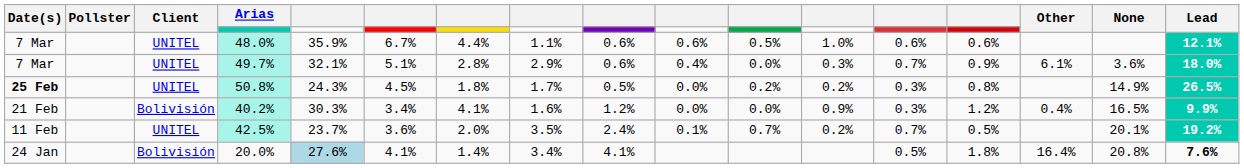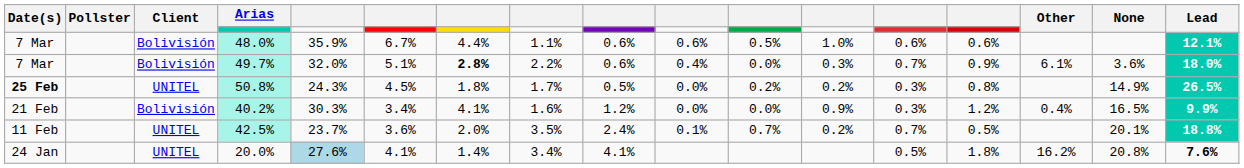 <table class="wikitable" style="font-size: 90%; text-align:center;">
 <tr>
 <th rowspan=2>Date(s)</th>
 <th rowspan=2>Pollster</th>
 <th rowspan=2>Client</th>
 <th style="width:60px"><a href='#'>Arias</a></th>
 <th style="width:60px"></th>
 <th style="width:60px"></th>
 <th style="width:60px"></th>
 <th style="width:60px"></th>
 <th style="width:60px"></th>
 <th style="width:60px"></th>
 <th style="width:60px"></th>
 <th style="width:60px"></th>
 <th style="width:60px"></th>
 <th style="width:60px"></th>
 <th style="width:60px" rowspan=2>Other</th>
 <th style="width:60px" rowspan=2>None</th>
 <th style="width:60px" rowspan=2>Lead</th>
 </tr>
 <tr>
 <td style="background:#00C9B0;"></td>
 <td style="background:"></td>
 <td style="background:#FD0002;"></td>
 <td style="background:#FCDD09;"></td>
 <td style="background-color:"></td>
 <td style="background:#7102B9;"></td>
 <td style="background:"></td>
 <td style="background:#00AA49;"></td>
 <td style="background:"></td>
 <td style="background:#E02D33;"></td>
 <td style="background:#D70109;"></td>
 </tr>
 <tr>
 <td>7 Mar</td>
 <td></td>
-<td><a href='#'>UNITEL</a></td>
+<td><a href='#'>Bolivisión</a></td>
 <td style="background:#A6F5E8;">48.0%</td>
 <td>35.9%</td>
 <td>6.7%</td>
 <td>4.4%</td>
 <td>1.1%</td>
 <td>0.6%</td>
 <td>0.6%</td>
 <td>0.5%</td>
 <td>1.0%</td>
 <td>0.6%</td>
 <td>0.6%</td>
 <td></td>
 <td></td>
 <td style="background:#00C9B0; color:#FFFFFF;" data-sort-value="-12.1%"><strong>12.1%</strong></td>
 </tr>
 <tr>
 <td>7 Mar</td>
 <td></td>
-<td><a href='#'>UNITEL</a></td>
+<td><a href='#'>Bolivisión</a></td>
 <td style="background:#A6F5E8;">49.7%</td>
-<td>32.1%</td>
+<td>32.0%</td>
 <td>5.1%</td>
-<td>2.8%</td>
-<td>2.9%</td>
+<td><strong>2.8%</strong></td>
+<td>2.2%</td>
 <td>0.6%</td>
 <td>0.4%</td>
 <td>0.0%</td>
 <td>0.3%</td>
 <td>0.7%</td>
 <td>0.9%</td>
 <td>6.1%</td>
 <td>3.6%</td>
 <td style="background:#00C9B0; color:#FFFFFF;" data-sort-value="-17.7%"><strong>18.0%</strong></td>
 </tr>
 <tr>
 <td><strong>25 Feb</strong></td>
 <td></td>
 <td><a href='#'>UNITEL</a></td>
 <td style="background:#A6F5E8;">50.8%</td>
 <td>24.3%</td>
 <td>4.5%</td>
 <td>1.8%</td>
 <td>1.7%</td>
 <td>0.5%</td>
 <td>0.0%</td>
 <td>0.2%</td>
 <td>0.2%</td>
 <td>0.3%</td>
 <td>0.8%</td>
 <td></td>
 <td>14.9%</td>
 <td style="background:#00C9B0; color:#FFFFFF;" data-sort-value="-26.5%"><strong>26.5%</strong></td>
 </tr>
 <tr>
 <td>21 Feb</td>
 <td></td>
 <td><a href='#'>Bolivisión</a></td>
 <td style="background:#A6F5E8;">40.2%</td>
 <td>30.3%</td>
 <td>3.4%</td>
 <td>4.1%</td>
 <td>1.6%</td>
 <td>1.2%</td>
 <td>0.0%</td>
 <td>0.0%</td>
 <td>0.9%</td>
 <td>0.3%</td>
 <td>1.2%</td>
 <td>0.4%</td>
 <td>16.5%</td>
 <td style="background:#00C9B0; color:#FFFFFF;" data-sort-value="9.9%"><strong>9.9%</strong></td>
 </tr>
 <tr>
 <td>11 Feb</td>
 <td></td>
 <td><a href='#'>UNITEL</a></td>
 <td style="background:#A6F5E8;">42.5%</td>
 <td>23.7%</td>
 <td>3.6%</td>
 <td>2.0%</td>
 <td>3.5%</td>
 <td>2.4%</td>
 <td>0.1%</td>
 <td>0.7%</td>
 <td>0.2%</td>
 <td>0.7%</td>
 <td>0.5%</td>
 <td></td>
 <td>20.1%</td>
-<td style="background:#00C9B0; color:#FFFFFF;" data-sort-value="18.8%"><strong>19.2%</strong></td>
+<td style="background:#00C9B0; color:#FFFFFF;" data-sort-value="18.8%"><strong>18.8%</strong></td>
 </tr>
 <tr>
 <td>24 Jan</td>
 <td></td>
-<td><a href='#'>Bolivisión</a></td>
+<td><a href='#'>UNITEL</a></td>
 <td>20.0%</td>
 <td style="background:#ADD8E6;">27.6%</td>
 <td>4.1%</td>
 <td>1.4%</td>
 <td>3.4%</td>
 <td>4.1%</td>
 <td></td>
 <td></td>
 <td></td>
 <td>0.5%</td>
 <td>1.8%</td>
-<td>16.4%</td>
+<td>16.2%</td>
 <td>20.8%</td>
 <td style="background:"><strong>7.6%</strong></td>
 </tr>
 </table>
